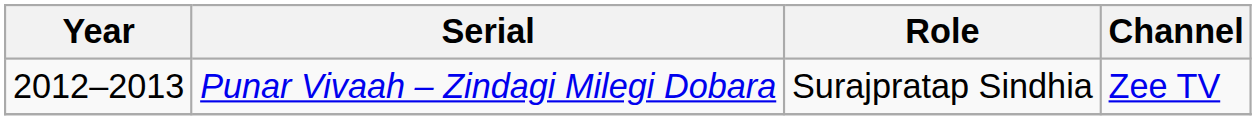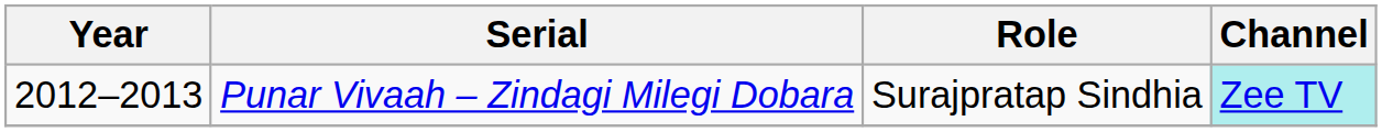 <table class = "wikitable sortable">
 <tr>
 <th>Year</th>
 <th>Serial</th>
 <th>Role</th>
 <th>Channel</th>
 </tr>
 <tr>
 <td>2012–2013</td>
 <td><em><a href='#'>Punar Vivaah – Zindagi Milegi Dobara</a></em></td>
 <td>Surajpratap Sindhia</td>
-<td><a href='#'>Zee TV</a></td>
+<td style="background: paleturquoise;"><a href='#'>Zee TV</a></td>
 </tr>
 <tr>
 </tr>
 </table>
